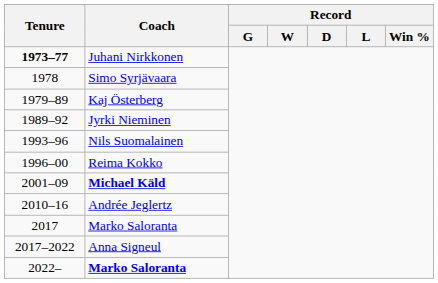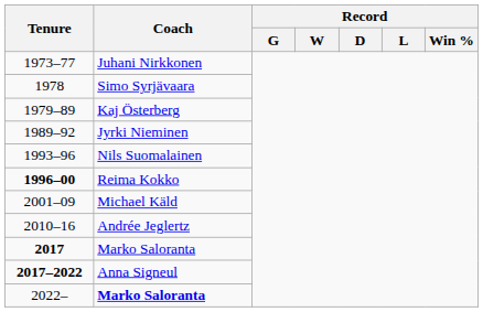 <table class=wikitable style=text-align:center>
 <tr>
 <th rowspan=2! width=90>Tenure</th>
 <th rowspan=2! width=165>Coach</th>
 <th colspan=8>Record</th>
 </tr>
 <tr>
 <th width=40>G</th>
 <th width=40>W</th>
 <th width=40>D</th>
 <th width=40>L</th>
 <th width=50>Win %</th>
 </tr>
 <tr>
-<td><strong>1973–77</strong></td>
+<td>1973–77</td>
 <td align=left> <a href='#'>Juhani Nirkkonen</a><br></td>
 </tr>
 <tr>
 <td>1978</td>
 <td align=left> <a href='#'>Simo Syrjävaara</a><br></td>
 </tr>
 <tr>
 <td>1979–89</td>
 <td align=left> <a href='#'>Kaj Österberg</a><br></td>
 </tr>
 <tr>
 <td>1989–92</td>
 <td align=left> <a href='#'>Jyrki Nieminen</a><br></td>
 </tr>
 <tr>
 <td>1993–96</td>
 <td align=left> <a href='#'>Nils Suomalainen</a><br></td>
 </tr>
 <tr>
-<td>1996–00</td>
+<td><strong>1996–00</strong></td>
 <td align=left> <a href='#'>Reima Kokko</a><br></td>
 </tr>
 <tr>
 <td>2001–09</td>
-<td align=left><strong> <a href='#'>Michael Käld</a><br></strong></td>
+<td align=left> <a href='#'>Michael Käld</a><br></td>
 </tr>
 <tr>
 <td>2010–16</td>
 <td align=left> <a href='#'>Andrée Jeglertz</a><br></td>
 </tr>
 <tr>
-<td>2017</td>
+<td><strong>2017</strong></td>
 <td align=left> <a href='#'>Marko Saloranta</a><br></td>
 </tr>
 <tr>
-<td>2017–2022</td>
+<td><strong>2017–2022</strong></td>
 <td align=left> <a href='#'>Anna Signeul</a><br></td>
 </tr>
 <tr>
 <td>2022–</td>
 <td align=left> <strong><a href='#'>Marko Saloranta</a></strong><br></td>
 </tr>
 </table>
